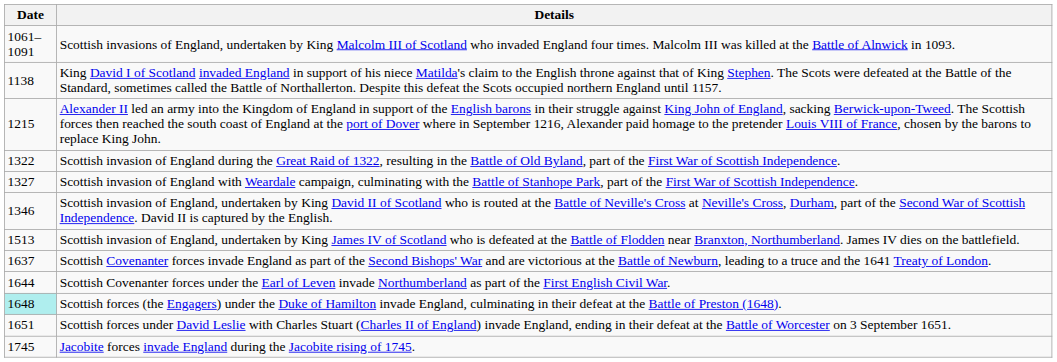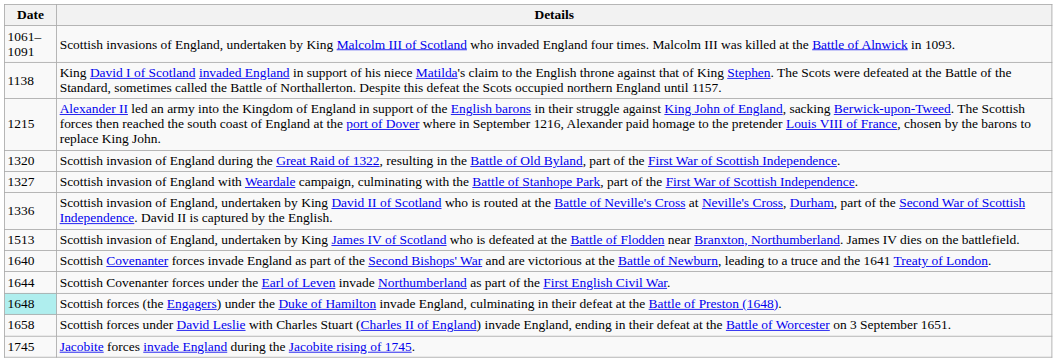 <table class=wikitable>
 <tr>
 <th>Date</th>
 <th>Details</th>
 </tr>
 <tr>
 <td>1061–1091</td>
 <td>Scottish invasions of England, undertaken by King <a href='#'>Malcolm III of Scotland</a> who invaded England four times. Malcolm III was killed at the <a href='#'>Battle of Alnwick</a> in 1093.</td>
 </tr>
 <tr>
 <td>1138</td>
 <td>King <a href='#'>David I of Scotland</a> <a href='#'>invaded England</a> in support of his niece <a href='#'>Matilda</a>'s claim to the English throne against that of King <a href='#'>Stephen</a>. The Scots were defeated at the Battle of the Standard, sometimes called the Battle of Northallerton. Despite this defeat the Scots occupied northern England until 1157.</td>
 </tr>
 <tr>
 <td>1215</td>
 <td><a href='#'>Alexander II</a> led an army into the Kingdom of England in support of the <a href='#'>English barons</a> in their struggle against <a href='#'>King John of England</a>, sacking <a href='#'>Berwick-upon-Tweed</a>. The Scottish forces then reached the south coast of England at the <a href='#'>port of Dover</a> where in September 1216, Alexander paid homage to the pretender <a href='#'>Louis VIII of France</a>, chosen by the barons to replace King John.</td>
 </tr>
 <tr>
-<td>1322</td>
+<td>1320</td>
 <td>Scottish invasion of England during the <a href='#'>Great Raid of 1322</a>, resulting in the <a href='#'>Battle of Old Byland</a>, part of the <a href='#'>First War of Scottish Independence</a>.</td>
 </tr>
 <tr>
 <td>1327</td>
 <td>Scottish invasion of England with <a href='#'>Weardale</a> campaign, culminating with the <a href='#'>Battle of Stanhope Park</a>, part of the <a href='#'>First War of Scottish Independence</a>.</td>
 </tr>
 <tr>
-<td>1346</td>
+<td>1336</td>
 <td>Scottish invasion of England, undertaken by King <a href='#'>David II of Scotland</a> who is routed at the <a href='#'>Battle of Neville's Cross</a> at <a href='#'>Neville's Cross</a>, <a href='#'>Durham</a>, part of the <a href='#'>Second War of Scottish Independence</a>. David II is captured by the English.</td>
 </tr>
 <tr>
 <td>1513</td>
 <td>Scottish invasion of England, undertaken by King <a href='#'>James IV of Scotland</a> who is defeated at the <a href='#'>Battle of Flodden</a> near <a href='#'>Branxton, Northumberland</a>. James IV dies on the battlefield.</td>
 </tr>
 <tr>
-<td>1637</td>
+<td>1640</td>
 <td>Scottish <a href='#'>Covenanter</a> forces invade England as part of the <a href='#'>Second Bishops' War</a> and are victorious at the <a href='#'>Battle of Newburn</a>, leading to a truce and the 1641 <a href='#'>Treaty of London</a>.</td>
 </tr>
 <tr>
 <td>1644</td>
 <td>Scottish Covenanter forces under the <a href='#'>Earl of Leven</a> invade <a href='#'>Northumberland</a> as part of the <a href='#'>First English Civil War</a>.</td>
 </tr>
 <tr>
 <td style="background: paleturquoise;">1648</td>
 <td>Scottish forces (the <a href='#'>Engagers</a>) under the <a href='#'>Duke of Hamilton</a> invade England, culminating in their defeat at the <a href='#'>Battle of Preston (1648)</a>.</td>
 </tr>
 <tr>
-<td>1651</td>
+<td>1658</td>
 <td>Scottish forces under <a href='#'>David Leslie</a> with Charles Stuart (<a href='#'>Charles II of England</a>) invade England, ending in their defeat at the <a href='#'>Battle of Worcester</a> on 3 September 1651.</td>
 </tr>
 <tr>
 <td>1745</td>
 <td><a href='#'>Jacobite</a> forces <a href='#'>invade England</a> during the <a href='#'>Jacobite rising of 1745</a>.</td>
 </tr>
 </table>
